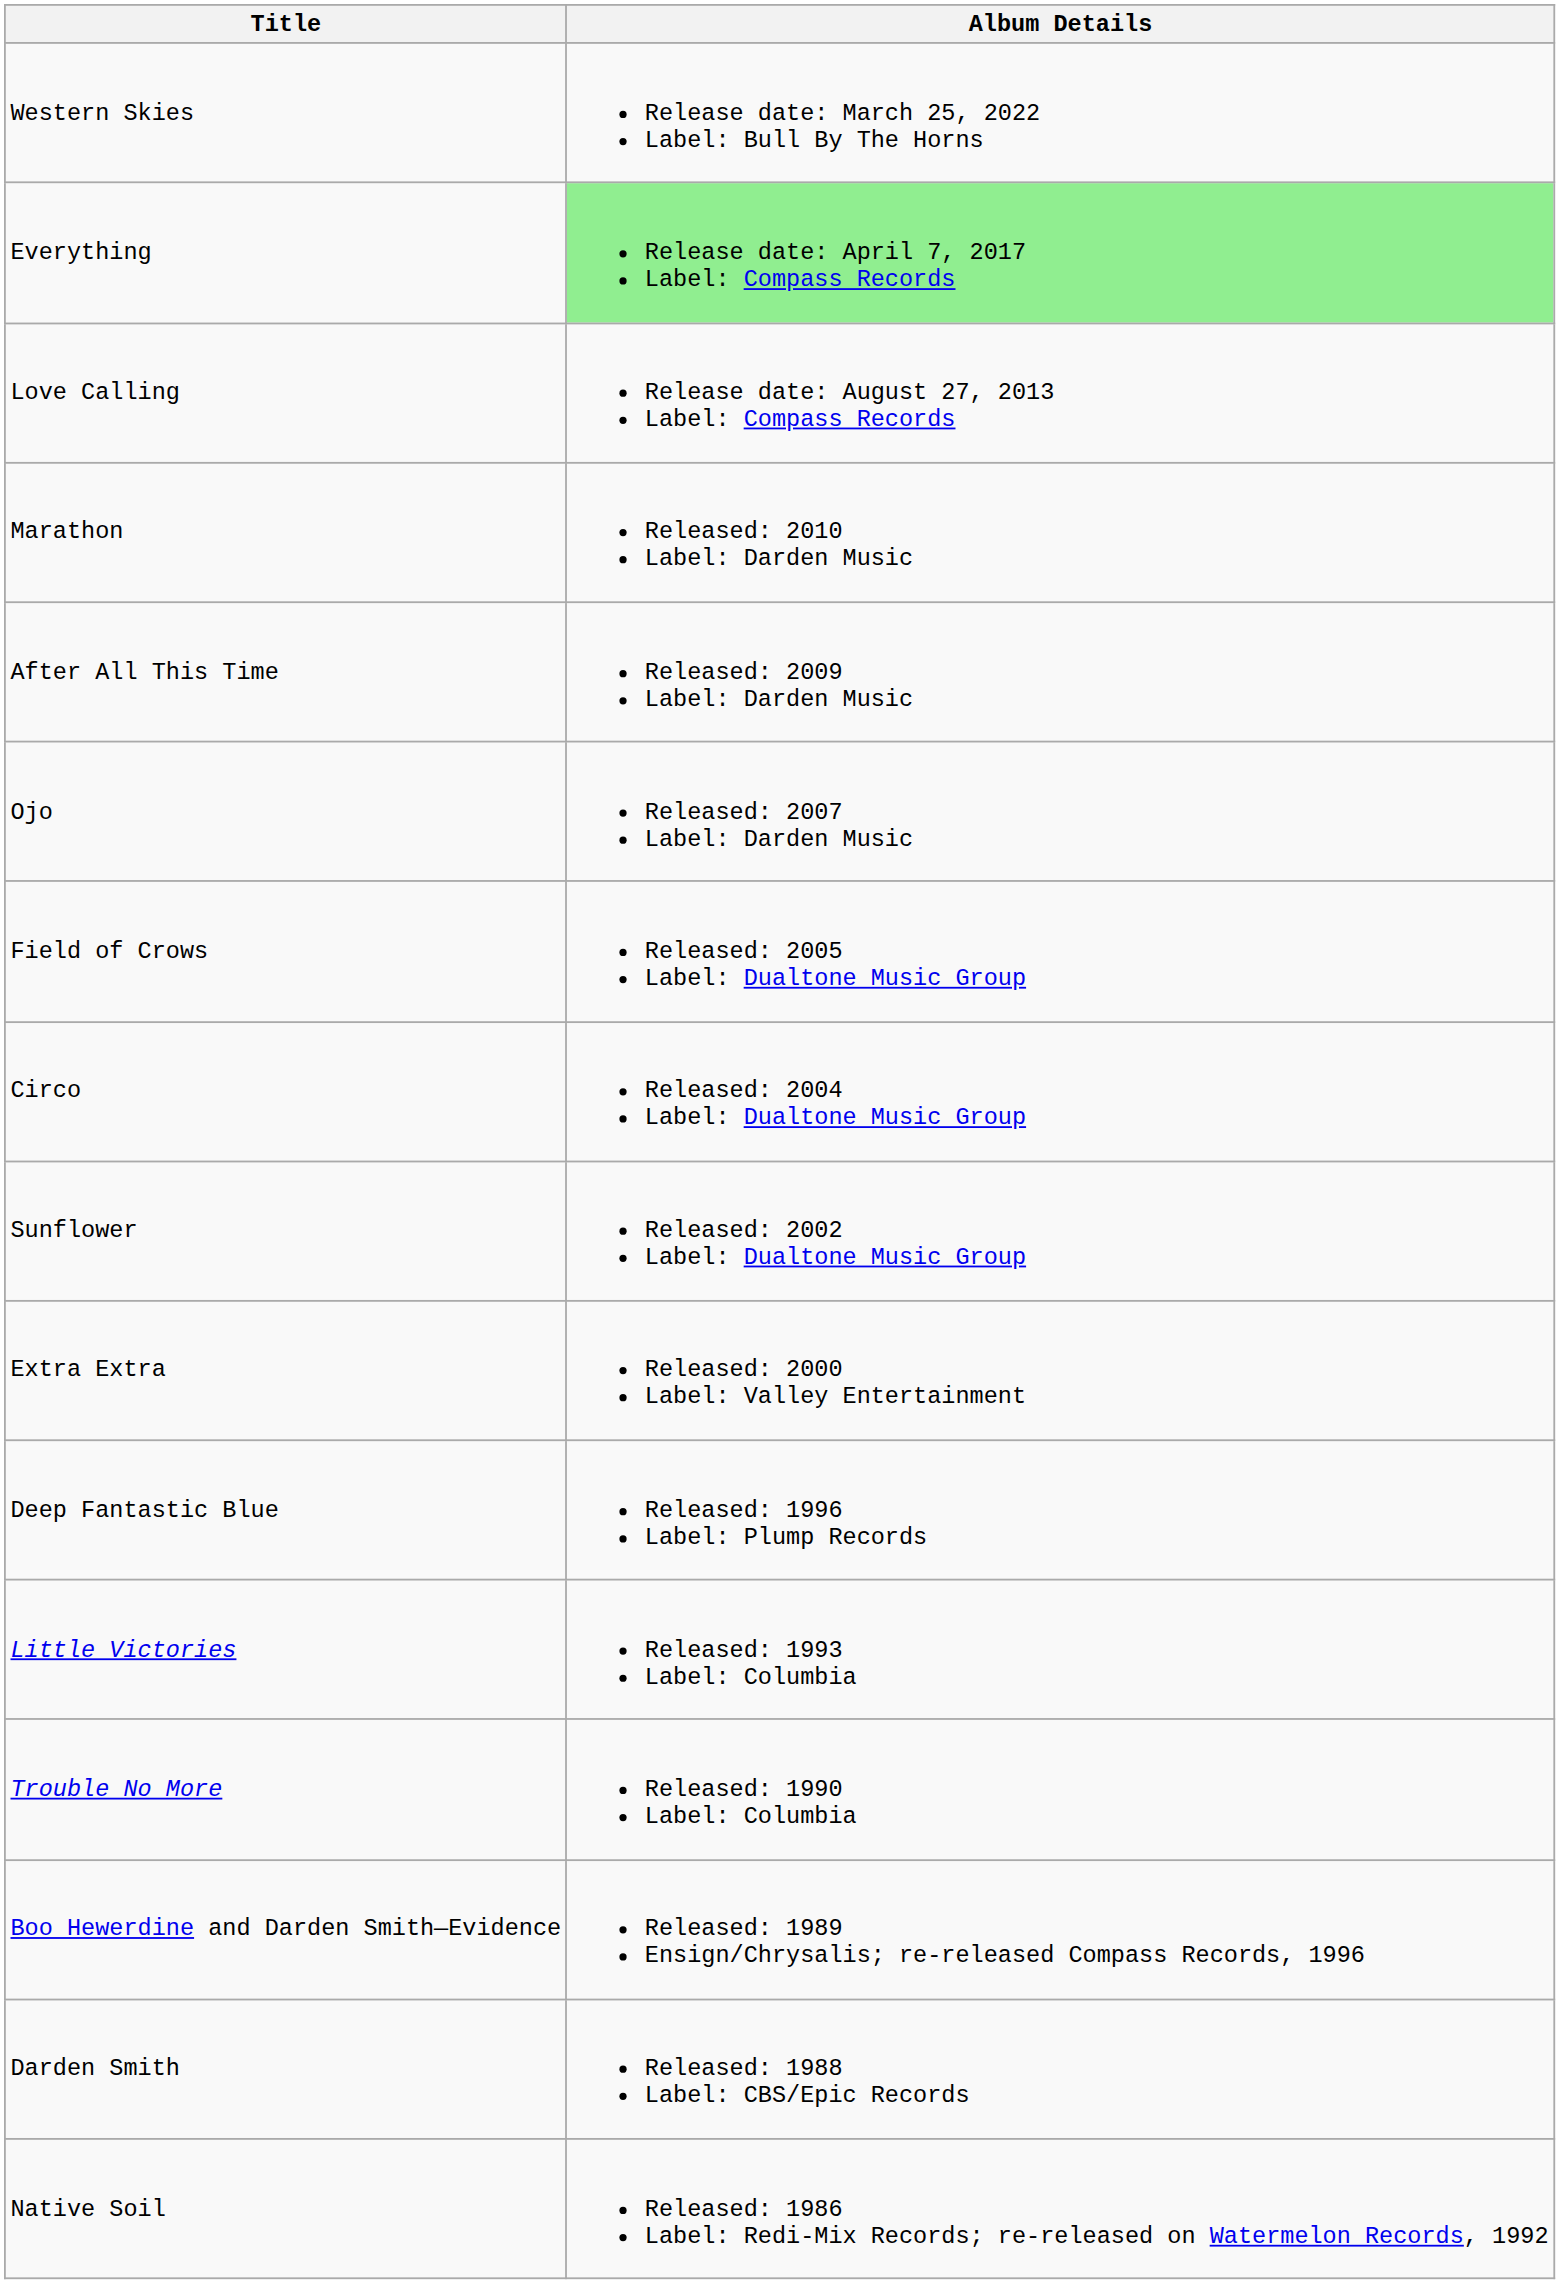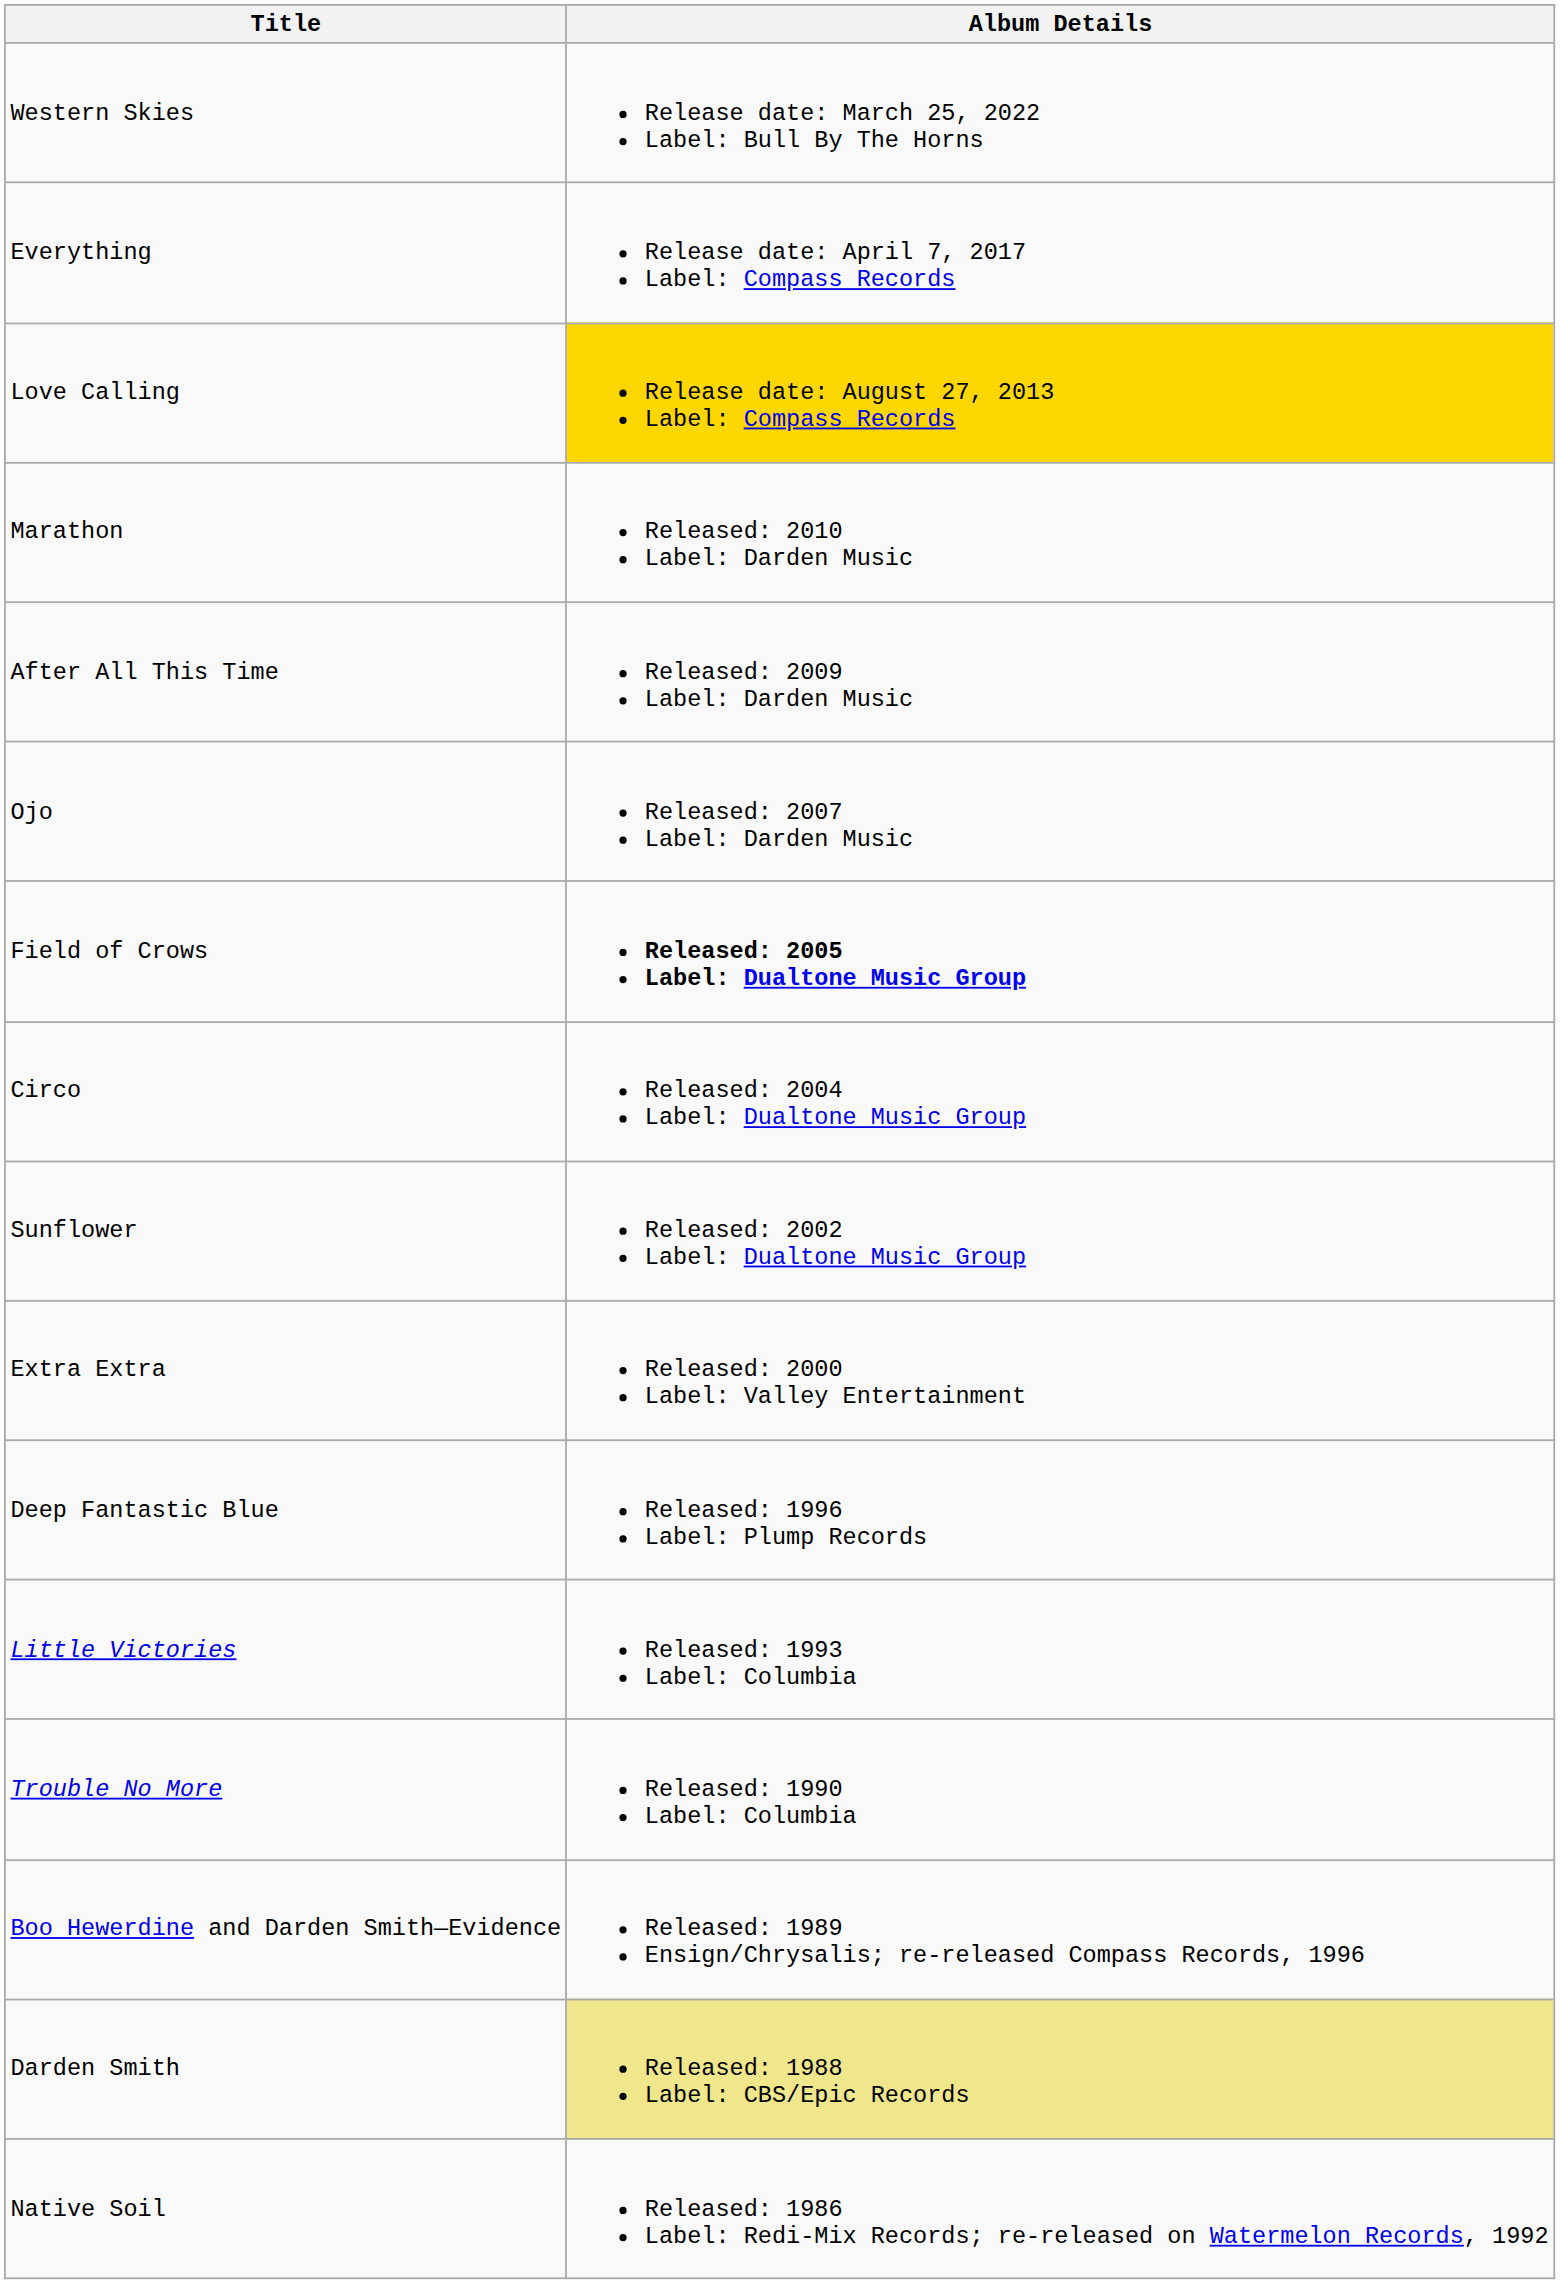 <table class="wikitable">
 <tr>
 <th>Title</th>
 <th>Album Details</th>
 </tr>
 <tr>
 <td>Western Skies</td>
 <td><br><ul><li>Release date: March 25, 2022</li><li>Label: Bull By The Horns</li></ul></td>
 </tr>
 <tr>
 <td>Everything</td>
-<td style="background: lightgreen;"><br><ul><li>Release date: April 7, 2017</li><li>Label: <a href='#'>Compass Records</a></li></ul></td>
+<td><br><ul><li>Release date: April 7, 2017</li><li>Label: <a href='#'>Compass Records</a></li></ul></td>
 </tr>
 <tr>
 <td>Love Calling</td>
-<td><br><ul><li>Release date: August 27, 2013</li><li>Label: <a href='#'>Compass Records</a></li></ul></td>
+<td style="background: gold;"><br><ul><li>Release date: August 27, 2013</li><li>Label: <a href='#'>Compass Records</a></li></ul></td>
 </tr>
 <tr>
 <td>Marathon</td>
 <td><br><ul><li>Released: 2010</li><li>Label: Darden Music</li></ul></td>
 </tr>
 <tr>
 <td>After All This Time</td>
 <td><br><ul><li>Released: 2009</li><li>Label: Darden Music</li></ul></td>
 </tr>
 <tr>
 <td>Ojo</td>
 <td><br><ul><li>Released: 2007</li><li>Label: Darden Music</li></ul></td>
 </tr>
 <tr>
 <td>Field of Crows</td>
-<td><br><ul><li>Released: 2005</li><li>Label: <a href='#'>Dualtone Music Group</a></li></ul></td>
+<td><strong><br><ul><li>Released: 2005</li><li>Label: <a href='#'>Dualtone Music Group</a></li></ul></strong></td>
 </tr>
 <tr>
 <td>Circo</td>
 <td><br><ul><li>Released: 2004</li><li>Label: <a href='#'>Dualtone Music Group</a></li></ul></td>
 </tr>
 <tr>
 <td>Sunflower</td>
 <td><br><ul><li>Released: 2002</li><li>Label: <a href='#'>Dualtone Music Group</a></li></ul></td>
 </tr>
 <tr>
 <td>Extra Extra</td>
 <td><br><ul><li>Released: 2000</li><li>Label: Valley Entertainment</li></ul></td>
 </tr>
 <tr>
 <td>Deep Fantastic Blue</td>
 <td><br><ul><li>Released: 1996</li><li>Label: Plump Records</li></ul></td>
 </tr>
 <tr>
 <td><em><a href='#'>Little Victories</a></em></td>
 <td><br><ul><li>Released: 1993</li><li>Label: Columbia</li></ul></td>
 </tr>
 <tr>
 <td><em><a href='#'>Trouble No More</a></em></td>
 <td><br><ul><li>Released: 1990</li><li>Label: Columbia</li></ul></td>
 </tr>
 <tr>
 <td><a href='#'>Boo Hewerdine</a> and Darden Smith—Evidence</td>
 <td><br><ul><li>Released: 1989</li><li>Ensign/Chrysalis; re-released Compass Records, 1996</li></ul></td>
 </tr>
 <tr>
 <td>Darden Smith</td>
-<td><br><ul><li>Released: 1988</li><li>Label: CBS/Epic Records</li></ul></td>
+<td style="background: khaki;"><br><ul><li>Released: 1988</li><li>Label: CBS/Epic Records</li></ul></td>
 </tr>
 <tr>
 <td>Native Soil</td>
 <td><br><ul><li>Released: 1986</li><li>Label: Redi-Mix Records; re-released on <a href='#'>Watermelon Records</a>, 1992</li></ul></td>
 </tr>
 </table>
